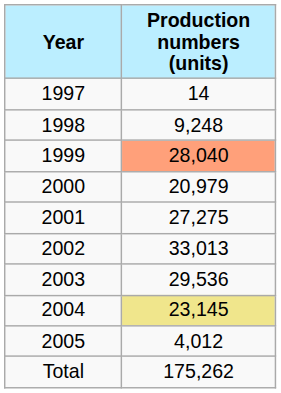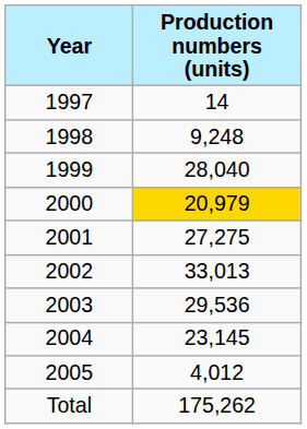 <table class="wikitable" style="font-size:85%; text-align:center;">
 <tr>
 <th style="width:75px;background:#bef;">Year</th>
 <th style="width:100px;background:#bef;">Production numbers (units)</th>
 </tr>
 <tr>
 <td>1997</td>
 <td>14</td>
 </tr>
 <tr>
 <td>1998</td>
 <td>9,248</td>
 </tr>
 <tr>
 <td>1999</td>
-<td style="background: lightsalmon;">28,040</td>
+<td>28,040</td>
 </tr>
 <tr>
 <td>2000</td>
-<td>20,979</td>
+<td style="background: gold;">20,979</td>
 </tr>
 <tr>
 <td>2001</td>
 <td>27,275</td>
 </tr>
 <tr>
 <td>2002</td>
 <td>33,013</td>
 </tr>
 <tr>
 <td>2003</td>
 <td>29,536</td>
 </tr>
 <tr>
 <td>2004</td>
-<td style="background: khaki;">23,145</td>
+<td>23,145</td>
 </tr>
 <tr>
 <td>2005</td>
 <td>4,012</td>
 </tr>
 <tr>
 <td>Total</td>
 <td>175,262</td>
 </tr>
 </table>
